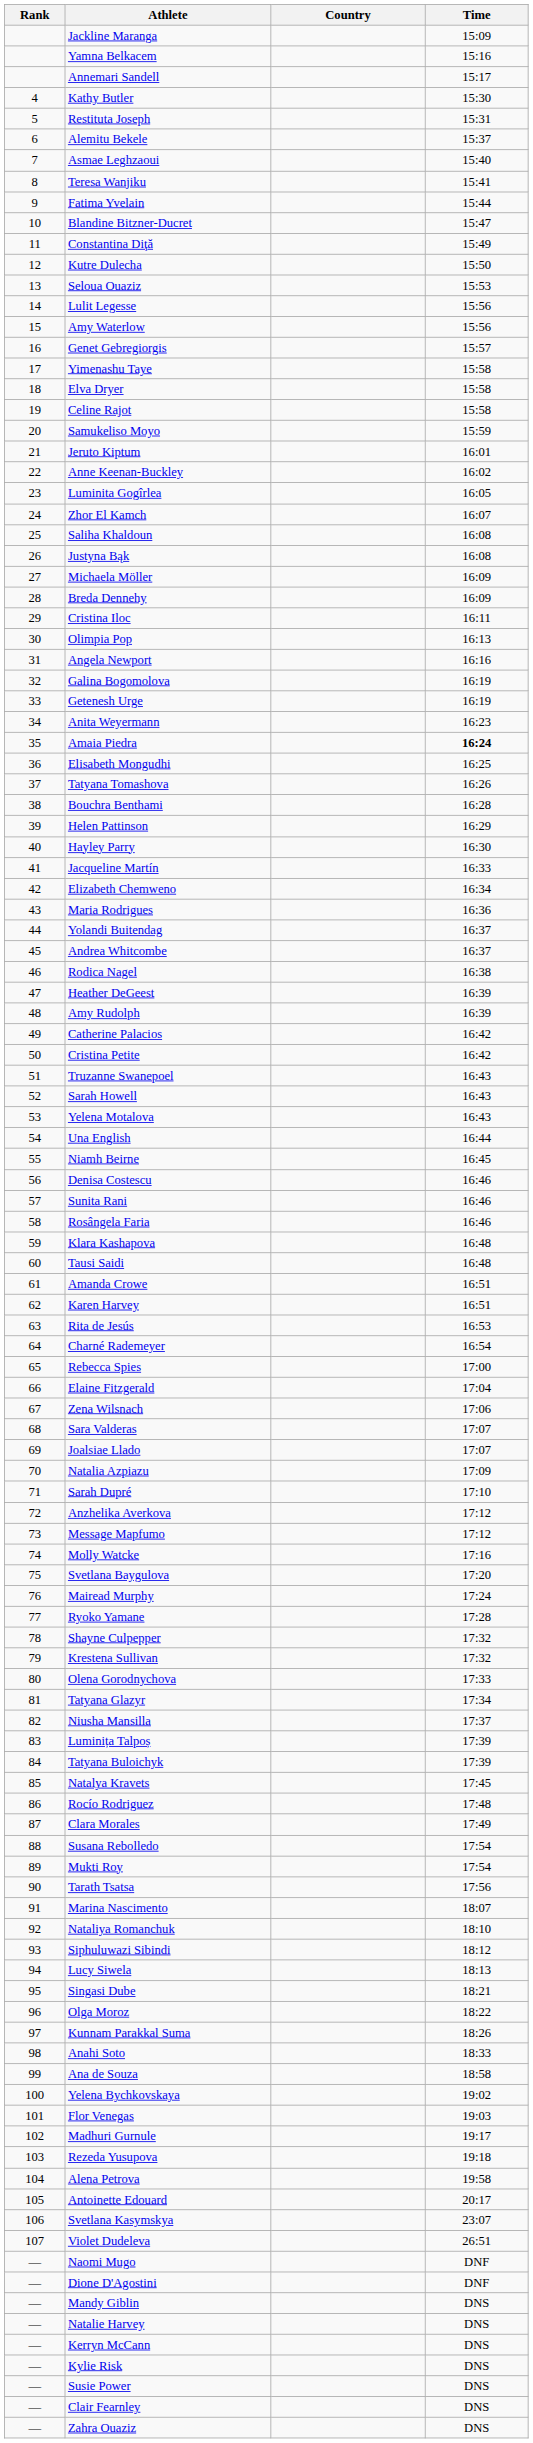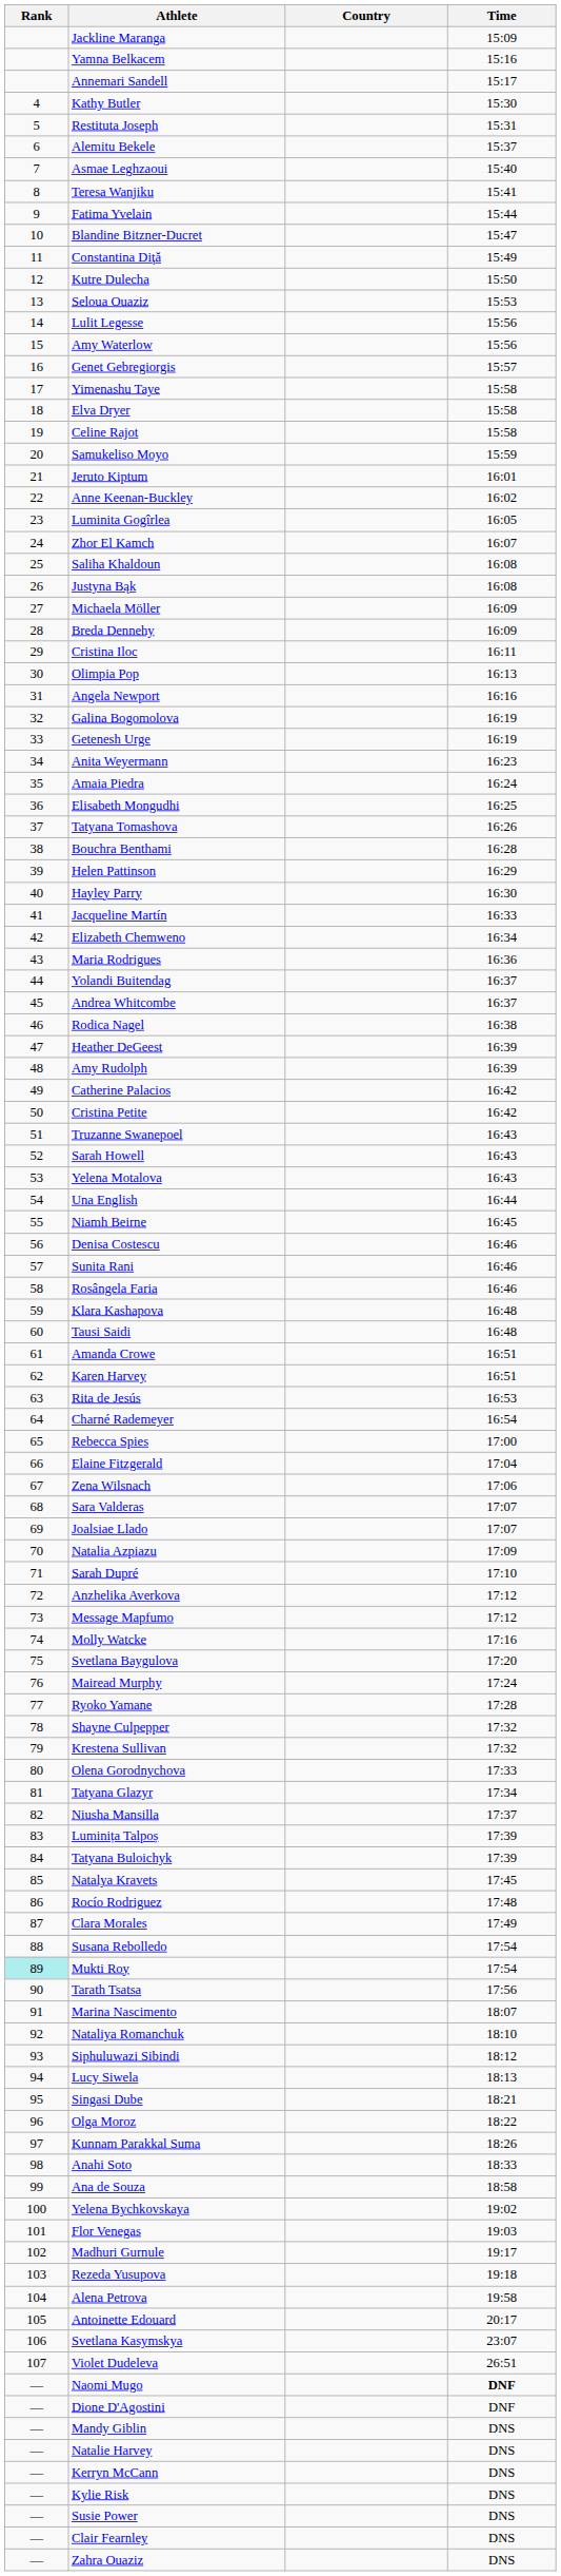 <table class="wikitable sortable" style=" text-align:center; font-size:95%;" width="50%">
 <tr>
 <th width=5%>Rank</th>
 <th width=20%>Athlete</th>
 <th width=15%>Country</th>
 <th width=10%>Time</th>
 </tr>
 <tr>
 <td align=center></td>
 <td align=left><a href='#'>Jackline Maranga</a></td>
 <td align=left></td>
 <td>15:09</td>
 </tr>
 <tr>
 <td align=center></td>
 <td align=left><a href='#'>Yamna Belkacem</a></td>
 <td align=left></td>
 <td>15:16</td>
 </tr>
 <tr>
 <td align=center></td>
 <td align=left><a href='#'>Annemari Sandell</a></td>
 <td align=left></td>
 <td>15:17</td>
 </tr>
 <tr>
 <td align=center>4</td>
 <td align=left><a href='#'>Kathy Butler</a></td>
 <td align=left></td>
 <td>15:30</td>
 </tr>
 <tr>
 <td align=center>5</td>
 <td align=left><a href='#'>Restituta Joseph</a></td>
 <td align=left></td>
 <td>15:31</td>
 </tr>
 <tr>
 <td align=center>6</td>
 <td align=left><a href='#'>Alemitu Bekele</a></td>
 <td align=left></td>
 <td>15:37</td>
 </tr>
 <tr>
 <td align=center>7</td>
 <td align=left><a href='#'>Asmae Leghzaoui</a></td>
 <td align=left></td>
 <td>15:40</td>
 </tr>
 <tr>
 <td align=center>8</td>
 <td align=left><a href='#'>Teresa Wanjiku</a></td>
 <td align=left></td>
 <td>15:41</td>
 </tr>
 <tr>
 <td align=center>9</td>
 <td align=left><a href='#'>Fatima Yvelain</a></td>
 <td align=left></td>
 <td>15:44</td>
 </tr>
 <tr>
 <td align=center>10</td>
 <td align=left><a href='#'>Blandine Bitzner-Ducret</a></td>
 <td align=left></td>
 <td>15:47</td>
 </tr>
 <tr>
 <td align=center>11</td>
 <td align=left><a href='#'>Constantina Diţă</a></td>
 <td align=left></td>
 <td>15:49</td>
 </tr>
 <tr>
 <td align=center>12</td>
 <td align=left><a href='#'>Kutre Dulecha</a></td>
 <td align=left></td>
 <td>15:50</td>
 </tr>
 <tr>
 <td align=center>13</td>
 <td align=left><a href='#'>Seloua Ouaziz</a></td>
 <td align=left></td>
 <td>15:53</td>
 </tr>
 <tr>
 <td align=center>14</td>
 <td align=left><a href='#'>Lulit Legesse</a></td>
 <td align=left></td>
 <td>15:56</td>
 </tr>
 <tr>
 <td align=center>15</td>
 <td align=left><a href='#'>Amy Waterlow</a></td>
 <td align=left></td>
 <td>15:56</td>
 </tr>
 <tr>
 <td align=center>16</td>
 <td align=left><a href='#'>Genet Gebregiorgis</a></td>
 <td align=left></td>
 <td>15:57</td>
 </tr>
 <tr>
 <td align=center>17</td>
 <td align=left><a href='#'>Yimenashu Taye</a></td>
 <td align=left></td>
 <td>15:58</td>
 </tr>
 <tr>
 <td align=center>18</td>
 <td align=left><a href='#'>Elva Dryer</a></td>
 <td align=left></td>
 <td>15:58</td>
 </tr>
 <tr>
 <td align=center>19</td>
 <td align=left><a href='#'>Celine Rajot</a></td>
 <td align=left></td>
 <td>15:58</td>
 </tr>
 <tr>
 <td align=center>20</td>
 <td align=left><a href='#'>Samukeliso Moyo</a></td>
 <td align=left></td>
 <td>15:59</td>
 </tr>
 <tr>
 <td align=center>21</td>
 <td align=left><a href='#'>Jeruto Kiptum</a></td>
 <td align=left></td>
 <td>16:01</td>
 </tr>
 <tr>
 <td align=center>22</td>
 <td align=left><a href='#'>Anne Keenan-Buckley</a></td>
 <td align=left></td>
 <td>16:02</td>
 </tr>
 <tr>
 <td align=center>23</td>
 <td align=left><a href='#'>Luminita Gogîrlea</a></td>
 <td align=left></td>
 <td>16:05</td>
 </tr>
 <tr>
 <td align=center>24</td>
 <td align=left><a href='#'>Zhor El Kamch</a></td>
 <td align=left></td>
 <td>16:07</td>
 </tr>
 <tr>
 <td align=center>25</td>
 <td align=left><a href='#'>Saliha Khaldoun</a></td>
 <td align=left></td>
 <td>16:08</td>
 </tr>
 <tr>
 <td align=center>26</td>
 <td align=left><a href='#'>Justyna Bąk</a></td>
 <td align=left></td>
 <td>16:08</td>
 </tr>
 <tr>
 <td align=center>27</td>
 <td align=left><a href='#'>Michaela Möller</a></td>
 <td align=left></td>
 <td>16:09</td>
 </tr>
 <tr>
 <td align=center>28</td>
 <td align=left><a href='#'>Breda Dennehy</a></td>
 <td align=left></td>
 <td>16:09</td>
 </tr>
 <tr>
 <td align=center>29</td>
 <td align=left><a href='#'>Cristina Iloc</a></td>
 <td align=left></td>
 <td>16:11</td>
 </tr>
 <tr>
 <td align=center>30</td>
 <td align=left><a href='#'>Olimpia Pop</a></td>
 <td align=left></td>
 <td>16:13</td>
 </tr>
 <tr>
 <td align=center>31</td>
 <td align=left><a href='#'>Angela Newport</a></td>
 <td align=left></td>
 <td>16:16</td>
 </tr>
 <tr>
 <td align=center>32</td>
 <td align=left><a href='#'>Galina Bogomolova</a></td>
 <td align=left></td>
 <td>16:19</td>
 </tr>
 <tr>
 <td align=center>33</td>
 <td align=left><a href='#'>Getenesh Urge</a></td>
 <td align=left></td>
 <td>16:19</td>
 </tr>
 <tr>
 <td align=center>34</td>
 <td align=left><a href='#'>Anita Weyermann</a></td>
 <td align=left></td>
 <td>16:23</td>
 </tr>
 <tr>
 <td align=center>35</td>
 <td align=left><a href='#'>Amaia Piedra</a></td>
 <td align=left></td>
-<td><strong>16:24</strong></td>
+<td>16:24</td>
 </tr>
 <tr>
 <td align=center>36</td>
 <td align=left><a href='#'>Elisabeth Mongudhi</a></td>
 <td align=left></td>
 <td>16:25</td>
 </tr>
 <tr>
 <td align=center>37</td>
 <td align=left><a href='#'>Tatyana Tomashova</a></td>
 <td align=left></td>
 <td>16:26</td>
 </tr>
 <tr>
 <td align=center>38</td>
 <td align=left><a href='#'>Bouchra Benthami</a></td>
 <td align=left></td>
 <td>16:28</td>
 </tr>
 <tr>
 <td align=center>39</td>
 <td align=left><a href='#'>Helen Pattinson</a></td>
 <td align=left></td>
 <td>16:29</td>
 </tr>
 <tr>
 <td align=center>40</td>
 <td align=left><a href='#'>Hayley Parry</a></td>
 <td align=left></td>
 <td>16:30</td>
 </tr>
 <tr>
 <td align=center>41</td>
 <td align=left><a href='#'>Jacqueline Martín</a></td>
 <td align=left></td>
 <td>16:33</td>
 </tr>
 <tr>
 <td align=center>42</td>
 <td align=left><a href='#'>Elizabeth Chemweno</a></td>
 <td align=left></td>
 <td>16:34</td>
 </tr>
 <tr>
 <td align=center>43</td>
 <td align=left><a href='#'>Maria Rodrigues</a></td>
 <td align=left></td>
 <td>16:36</td>
 </tr>
 <tr>
 <td align=center>44</td>
 <td align=left><a href='#'>Yolandi Buitendag</a></td>
 <td align=left></td>
 <td>16:37</td>
 </tr>
 <tr>
 <td align=center>45</td>
 <td align=left><a href='#'>Andrea Whitcombe</a></td>
 <td align=left></td>
 <td>16:37</td>
 </tr>
 <tr>
 <td align=center>46</td>
 <td align=left><a href='#'>Rodica Nagel</a></td>
 <td align=left></td>
 <td>16:38</td>
 </tr>
 <tr>
 <td align=center>47</td>
 <td align=left><a href='#'>Heather DeGeest</a></td>
 <td align=left></td>
 <td>16:39</td>
 </tr>
 <tr>
 <td align=center>48</td>
 <td align=left><a href='#'>Amy Rudolph</a></td>
 <td align=left></td>
 <td>16:39</td>
 </tr>
 <tr>
 <td align=center>49</td>
 <td align=left><a href='#'>Catherine Palacios</a></td>
 <td align=left></td>
 <td>16:42</td>
 </tr>
 <tr>
 <td align=center>50</td>
 <td align=left><a href='#'>Cristina Petite</a></td>
 <td align=left></td>
 <td>16:42</td>
 </tr>
 <tr>
 <td align=center>51</td>
 <td align=left><a href='#'>Truzanne Swanepoel</a></td>
 <td align=left></td>
 <td>16:43</td>
 </tr>
 <tr>
 <td align=center>52</td>
 <td align=left><a href='#'>Sarah Howell</a></td>
 <td align=left></td>
 <td>16:43</td>
 </tr>
 <tr>
 <td align=center>53</td>
 <td align=left><a href='#'>Yelena Motalova</a></td>
 <td align=left></td>
 <td>16:43</td>
 </tr>
 <tr>
 <td align=center>54</td>
 <td align=left><a href='#'>Una English</a></td>
 <td align=left></td>
 <td>16:44</td>
 </tr>
 <tr>
 <td align=center>55</td>
 <td align=left><a href='#'>Niamh Beirne</a></td>
 <td align=left></td>
 <td>16:45</td>
 </tr>
 <tr>
 <td align=center>56</td>
 <td align=left><a href='#'>Denisa Costescu</a></td>
 <td align=left></td>
 <td>16:46</td>
 </tr>
 <tr>
 <td align=center>57</td>
 <td align=left><a href='#'>Sunita Rani</a></td>
 <td align=left></td>
 <td>16:46</td>
 </tr>
 <tr>
 <td align=center>58</td>
 <td align=left><a href='#'>Rosângela Faria</a></td>
 <td align=left></td>
 <td>16:46</td>
 </tr>
 <tr>
 <td align=center>59</td>
 <td align=left><a href='#'>Klara Kashapova</a></td>
 <td align=left></td>
 <td>16:48</td>
 </tr>
 <tr>
 <td align=center>60</td>
 <td align=left><a href='#'>Tausi Saidi</a></td>
 <td align=left></td>
 <td>16:48</td>
 </tr>
 <tr>
 <td align=center>61</td>
 <td align=left><a href='#'>Amanda Crowe</a></td>
 <td align=left></td>
 <td>16:51</td>
 </tr>
 <tr>
 <td align=center>62</td>
 <td align=left><a href='#'>Karen Harvey</a></td>
 <td align=left></td>
 <td>16:51</td>
 </tr>
 <tr>
 <td align=center>63</td>
 <td align=left><a href='#'>Rita de Jesús</a></td>
 <td align=left></td>
 <td>16:53</td>
 </tr>
 <tr>
 <td align=center>64</td>
 <td align=left><a href='#'>Charné Rademeyer</a></td>
 <td align=left></td>
 <td>16:54</td>
 </tr>
 <tr>
 <td align=center>65</td>
 <td align=left><a href='#'>Rebecca Spies</a></td>
 <td align=left></td>
 <td>17:00</td>
 </tr>
 <tr>
 <td align=center>66</td>
 <td align=left><a href='#'>Elaine Fitzgerald</a></td>
 <td align=left></td>
 <td>17:04</td>
 </tr>
 <tr>
 <td align=center>67</td>
 <td align=left><a href='#'>Zena Wilsnach</a></td>
 <td align=left></td>
 <td>17:06</td>
 </tr>
 <tr>
 <td align=center>68</td>
 <td align=left><a href='#'>Sara Valderas</a></td>
 <td align=left></td>
 <td>17:07</td>
 </tr>
 <tr>
 <td align=center>69</td>
 <td align=left><a href='#'>Joalsiae Llado</a></td>
 <td align=left></td>
 <td>17:07</td>
 </tr>
 <tr>
 <td align=center>70</td>
 <td align=left><a href='#'>Natalia Azpiazu</a></td>
 <td align=left></td>
 <td>17:09</td>
 </tr>
 <tr>
 <td align=center>71</td>
 <td align=left><a href='#'>Sarah Dupré</a></td>
 <td align=left></td>
 <td>17:10</td>
 </tr>
 <tr>
 <td align=center>72</td>
 <td align=left><a href='#'>Anzhelika Averkova</a></td>
 <td align=left></td>
 <td>17:12</td>
 </tr>
 <tr>
 <td align=center>73</td>
 <td align=left><a href='#'>Message Mapfumo</a></td>
 <td align=left></td>
 <td>17:12</td>
 </tr>
 <tr>
 <td align=center>74</td>
 <td align=left><a href='#'>Molly Watcke</a></td>
 <td align=left></td>
 <td>17:16</td>
 </tr>
 <tr>
 <td align=center>75</td>
 <td align=left><a href='#'>Svetlana Baygulova</a></td>
 <td align=left></td>
 <td>17:20</td>
 </tr>
 <tr>
 <td align=center>76</td>
 <td align=left><a href='#'>Mairead Murphy</a></td>
 <td align=left></td>
 <td>17:24</td>
 </tr>
 <tr>
 <td align=center>77</td>
 <td align=left><a href='#'>Ryoko Yamane</a></td>
 <td align=left></td>
 <td>17:28</td>
 </tr>
 <tr>
 <td align=center>78</td>
 <td align=left><a href='#'>Shayne Culpepper</a></td>
 <td align=left></td>
 <td>17:32</td>
 </tr>
 <tr>
 <td align=center>79</td>
 <td align=left><a href='#'>Krestena Sullivan</a></td>
 <td align=left></td>
 <td>17:32</td>
 </tr>
 <tr>
 <td align=center>80</td>
 <td align=left><a href='#'>Olena Gorodnychova</a></td>
 <td align=left></td>
 <td>17:33</td>
 </tr>
 <tr>
 <td align=center>81</td>
 <td align=left><a href='#'>Tatyana Glazyr</a></td>
 <td align=left></td>
 <td>17:34</td>
 </tr>
 <tr>
 <td align=center>82</td>
 <td align=left><a href='#'>Niusha Mansilla</a></td>
 <td align=left></td>
 <td>17:37</td>
 </tr>
 <tr>
 <td align=center>83</td>
 <td align=left><a href='#'>Luminița Talpoș</a></td>
 <td align=left></td>
 <td>17:39</td>
 </tr>
 <tr>
 <td align=center>84</td>
 <td align=left><a href='#'>Tatyana Buloichyk</a></td>
 <td align=left></td>
 <td>17:39</td>
 </tr>
 <tr>
 <td align=center>85</td>
 <td align=left><a href='#'>Natalya Kravets</a></td>
 <td align=left></td>
 <td>17:45</td>
 </tr>
 <tr>
 <td align=center>86</td>
 <td align=left><a href='#'>Rocío Rodriguez</a></td>
 <td align=left></td>
 <td>17:48</td>
 </tr>
 <tr>
 <td align=center>87</td>
 <td align=left><a href='#'>Clara Morales</a></td>
 <td align=left></td>
 <td>17:49</td>
 </tr>
 <tr>
 <td align=center>88</td>
 <td align=left><a href='#'>Susana Rebolledo</a></td>
 <td align=left></td>
 <td>17:54</td>
 </tr>
 <tr>
-<td align=center>89</td>
+<td align=center style="background: paleturquoise;">89</td>
 <td align=left><a href='#'>Mukti Roy</a></td>
 <td align=left></td>
 <td>17:54</td>
 </tr>
 <tr>
 <td align=center>90</td>
 <td align=left><a href='#'>Tarath Tsatsa</a></td>
 <td align=left></td>
 <td>17:56</td>
 </tr>
 <tr>
 <td align=center>91</td>
 <td align=left><a href='#'>Marina Nascimento</a></td>
 <td align=left></td>
 <td>18:07</td>
 </tr>
 <tr>
 <td align=center>92</td>
 <td align=left><a href='#'>Nataliya Romanchuk</a></td>
 <td align=left></td>
 <td>18:10</td>
 </tr>
 <tr>
 <td align=center>93</td>
 <td align=left><a href='#'>Siphuluwazi Sibindi</a></td>
 <td align=left></td>
 <td>18:12</td>
 </tr>
 <tr>
 <td align=center>94</td>
 <td align=left><a href='#'>Lucy Siwela</a></td>
 <td align=left></td>
 <td>18:13</td>
 </tr>
 <tr>
 <td align=center>95</td>
 <td align=left><a href='#'>Singasi Dube</a></td>
 <td align=left></td>
 <td>18:21</td>
 </tr>
 <tr>
 <td align=center>96</td>
 <td align=left><a href='#'>Olga Moroz</a></td>
 <td align=left></td>
 <td>18:22</td>
 </tr>
 <tr>
 <td align=center>97</td>
 <td align=left><a href='#'>Kunnam Parakkal Suma</a></td>
 <td align=left></td>
 <td>18:26</td>
 </tr>
 <tr>
 <td align=center>98</td>
 <td align=left><a href='#'>Anahi Soto</a></td>
 <td align=left></td>
 <td>18:33</td>
 </tr>
 <tr>
 <td align=center>99</td>
 <td align=left><a href='#'>Ana de Souza</a></td>
 <td align=left></td>
 <td>18:58</td>
 </tr>
 <tr>
 <td align=center>100</td>
 <td align=left><a href='#'>Yelena Bychkovskaya</a></td>
 <td align=left></td>
 <td>19:02</td>
 </tr>
 <tr>
 <td align=center>101</td>
 <td align=left><a href='#'>Flor Venegas</a></td>
 <td align=left></td>
 <td>19:03</td>
 </tr>
 <tr>
 <td align=center>102</td>
 <td align=left><a href='#'>Madhuri Gurnule</a></td>
 <td align=left></td>
 <td>19:17</td>
 </tr>
 <tr>
 <td align=center>103</td>
 <td align=left><a href='#'>Rezeda Yusupova</a></td>
 <td align=left></td>
 <td>19:18</td>
 </tr>
 <tr>
 <td align=center>104</td>
 <td align=left><a href='#'>Alena Petrova</a></td>
 <td align=left></td>
 <td>19:58</td>
 </tr>
 <tr>
 <td align=center>105</td>
 <td align=left><a href='#'>Antoinette Edouard</a></td>
 <td align=left></td>
 <td>20:17</td>
 </tr>
 <tr>
 <td align=center>106</td>
 <td align=left><a href='#'>Svetlana Kasymskya</a></td>
 <td align=left></td>
 <td>23:07</td>
 </tr>
 <tr>
 <td align=center>107</td>
 <td align=left><a href='#'>Violet Dudeleva</a></td>
 <td align=left></td>
 <td>26:51</td>
 </tr>
 <tr>
 <td align=center>—</td>
 <td align=left><a href='#'>Naomi Mugo</a></td>
 <td align=left></td>
-<td>DNF</td>
+<td><strong>DNF</strong></td>
 </tr>
 <tr>
 <td align=center>—</td>
 <td align=left><a href='#'>Dione D'Agostini</a></td>
 <td align=left></td>
 <td>DNF</td>
 </tr>
 <tr>
 <td align=center>—</td>
 <td align=left><a href='#'>Mandy Giblin</a></td>
 <td align=left></td>
 <td>DNS</td>
 </tr>
 <tr>
 <td align=center>—</td>
 <td align=left><a href='#'>Natalie Harvey</a></td>
 <td align=left></td>
 <td>DNS</td>
 </tr>
 <tr>
 <td align=center>—</td>
 <td align=left><a href='#'>Kerryn McCann</a></td>
 <td align=left></td>
 <td>DNS</td>
 </tr>
 <tr>
 <td align=center>—</td>
 <td align=left><a href='#'>Kylie Risk</a></td>
 <td align=left></td>
 <td>DNS</td>
 </tr>
 <tr>
 <td align=center>—</td>
 <td align=left><a href='#'>Susie Power</a></td>
 <td align=left></td>
 <td>DNS</td>
 </tr>
 <tr>
 <td align=center>—</td>
 <td align=left><a href='#'>Clair Fearnley</a></td>
 <td align=left></td>
 <td>DNS</td>
 </tr>
 <tr>
 <td align=center>—</td>
 <td align=left><a href='#'>Zahra Ouaziz</a></td>
 <td align=left></td>
 <td>DNS</td>
 </tr>
 </table>
